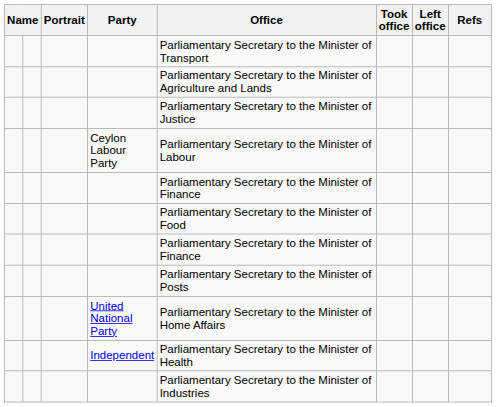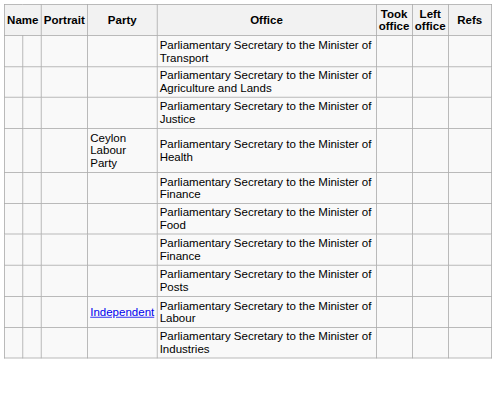 <table class="wikitable plainrowheaders sortable" style="font-size:90%; text-align:left;">
 <tr>
 <th scope=col colspan="2">Name</th>
 <th scope=col class=unsortable>Portrait</th>
 <th scope=col>Party</th>
 <th scope=col width=300px>Office</th>
 <th scope=col>Took office</th>
 <th scope=col>Left office</th>
 <th scope=col width=50px class=unsortable>Refs</th>
 </tr>
 <tr>
 <td></td>
 <td></td>
 <td align=center></td>
 <td></td>
 <td>Parliamentary Secretary to the Minister of Transport</td>
 <td align=center></td>
 <td align=center></td>
 <td align=center></td>
 </tr>
 <tr>
 <td></td>
 <td></td>
 <td align=center></td>
 <td></td>
 <td>Parliamentary Secretary to the Minister of Agriculture and Lands</td>
 <td align=center></td>
 <td align=center></td>
 <td align=center></td>
 </tr>
 <tr>
 <td></td>
 <td></td>
 <td align=center></td>
 <td></td>
 <td>Parliamentary Secretary to the Minister of Justice</td>
 <td align=center></td>
 <td align=center></td>
 <td align=center></td>
 </tr>
 <tr>
 <td !align="center" style="background:"></td>
 <td></td>
 <td align=center></td>
 <td>Ceylon Labour Party</td>
-<td>Parliamentary Secretary to the Minister of Labour</td>
+<td>Parliamentary Secretary to the Minister of Health</td>
 <td align=center></td>
 <td align=center></td>
 <td align=center></td>
 </tr>
 <tr>
 <td></td>
 <td></td>
 <td align=center></td>
 <td></td>
 <td>Parliamentary Secretary to the Minister of Finance</td>
 <td align=center></td>
 <td align=center></td>
 <td align=center></td>
 </tr>
 <tr>
 <td></td>
 <td></td>
 <td align=center></td>
 <td></td>
 <td>Parliamentary Secretary to the Minister of Food</td>
 <td align=center></td>
 <td align=center></td>
 <td align=center></td>
 </tr>
 <tr>
 <td></td>
 <td></td>
 <td align=center></td>
 <td></td>
 <td>Parliamentary Secretary to the Minister of Finance</td>
 <td align=center></td>
 <td align=center></td>
 <td align=center></td>
 </tr>
 <tr>
 <td></td>
 <td></td>
 <td align=center></td>
 <td></td>
 <td>Parliamentary Secretary to the Minister of Posts</td>
 <td align=center></td>
 <td align=center></td>
 <td align=center></td>
 </tr>
 <tr>
 <td !align="center" style="background:"></td>
 <td></td>
 <td align=center></td>
-<td><a href='#'>United National Party</a></td>
-<td>Parliamentary Secretary to the Minister of Home Affairs</td>
-<td align=center></td>
-<td align=center></td>
-<td align=center></td>
-</tr>
-<tr>
-<td !align="center" style="background:"></td>
-<td></td>
-<td align=center></td>
 <td><a href='#'>Independent</a></td>
-<td>Parliamentary Secretary to the Minister of Health</td>
+<td>Parliamentary Secretary to the Minister of Labour</td>
 <td align=center></td>
 <td align=center></td>
 <td align=center></td>
 </tr>
 <tr>
 <td></td>
 <td></td>
 <td align=center></td>
 <td></td>
 <td>Parliamentary Secretary to the Minister of Industries</td>
 <td align=center></td>
 <td align=center></td>
 <td align=center></td>
 </tr>
 </table>
